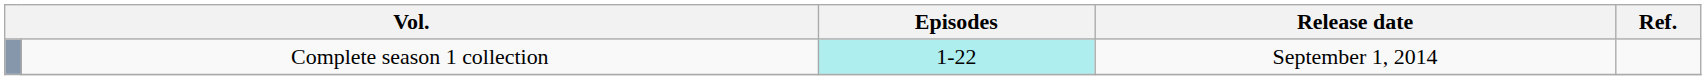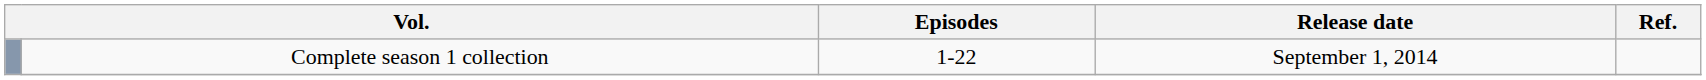 <table class="wikitable" style="text-align: center; width: 98%;">
 <tr>
 <th colspan="2">Vol.</th>
 <th>Episodes</th>
 <th>Release date</th>
 <th width="5%">Ref.</th>
 </tr>
 <tr>
 <td rowspan="12" style="background: #8697AC;" width="1%"></td>
 <td>Complete season 1 collection</td>
-<td style="background: paleturquoise;">1-22</td>
+<td>1-22</td>
 <td>September 1, 2014</td>
 <td></td>
 </tr>
 <tr>
 </tr>
 </table>
